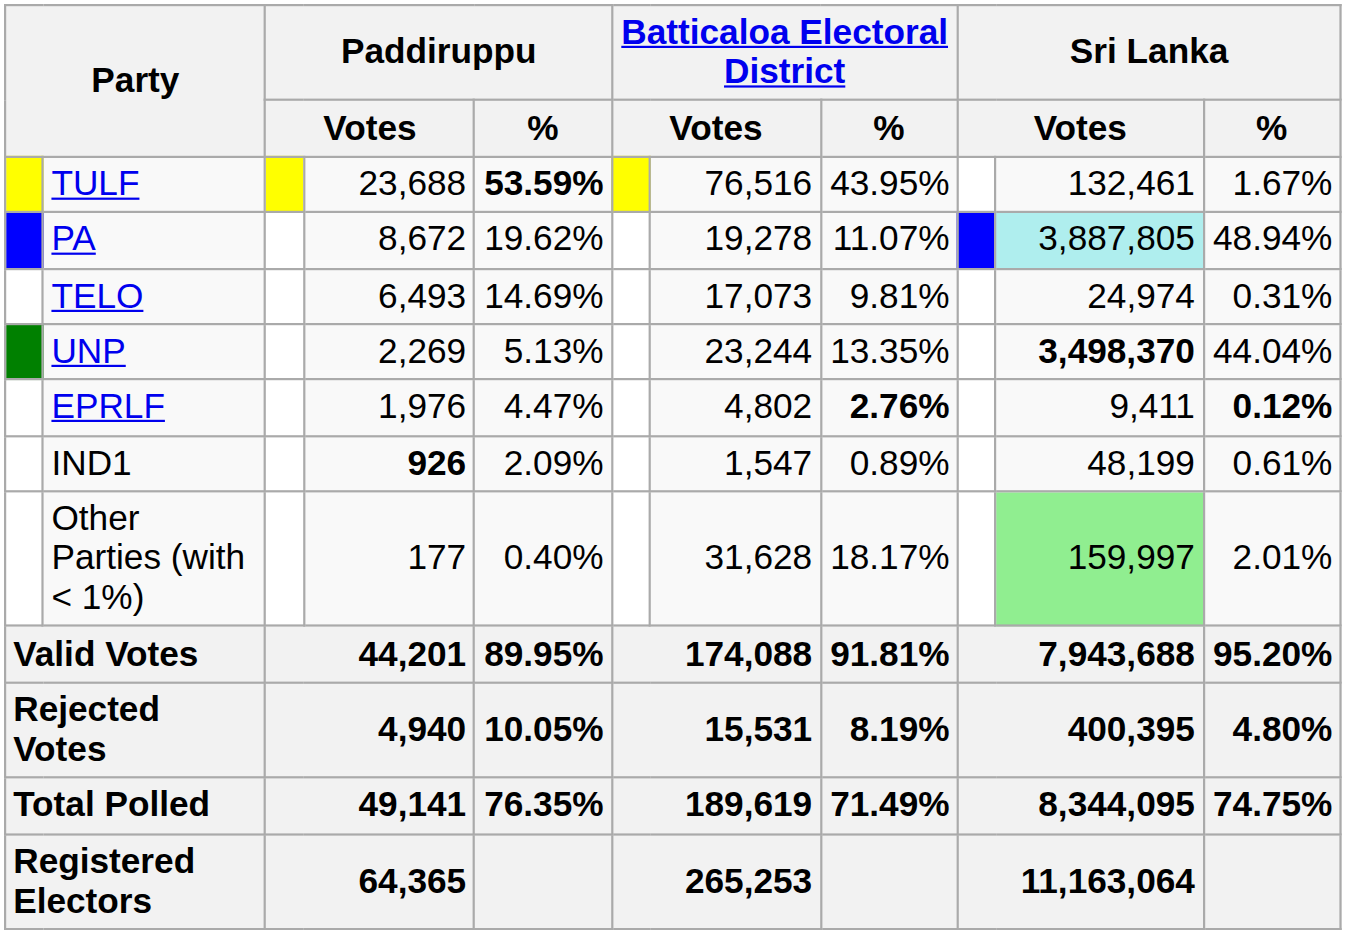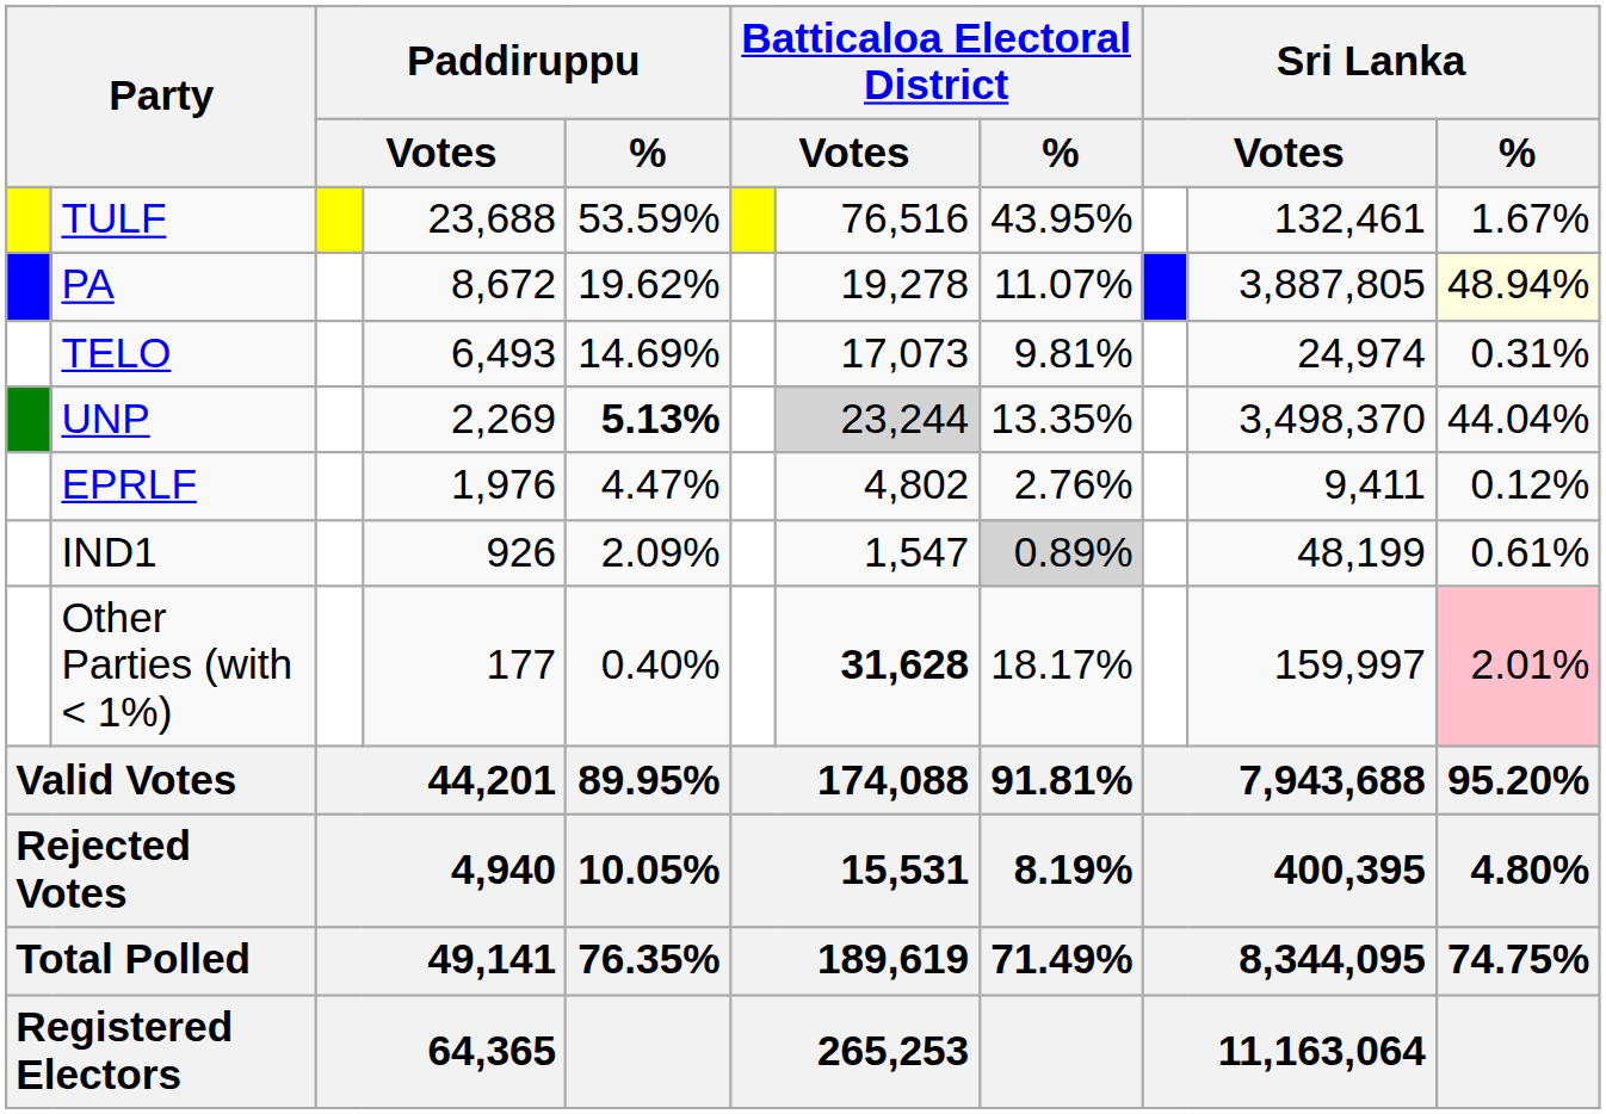 <table class="wikitable">
 <tr>
 <th colspan="2" width="144px"rowspan="2">Party</th>
 <th colspan="3" width="216px">Paddiruppu</th>
 <th colspan="3" width="216px"><a href='#'>Batticaloa Electoral District</a></th>
 <th colspan="3" width="216px">Sri Lanka</th>
 </tr>
 <tr>
 <th colspan="2" width="144px">Votes</th>
 <th>%</th>
 <th colspan="2" width="144px">Votes</th>
 <th>%</th>
 <th colspan="2" width="144px">Votes</th>
 <th>%</th>
 </tr>
 <tr>
 <td style="background-color:yellow;" width="10px"></td>
 <td style="text-align:left;"><a href='#'>TULF</a></td>
 <td style="background-color:yellow;" width="10px"></td>
 <td style="text-align:right;">23,688</td>
-<td style="text-align:right;"><strong>53.59%</strong></td>
+<td style="text-align:right;">53.59%</td>
 <td style="background-color:yellow;" width="10px"></td>
 <td style="text-align:right;">76,516</td>
 <td style="text-align:right;">43.95%</td>
 <td style="background-color:white;" width="10px"></td>
 <td style="text-align:right;">132,461</td>
 <td style="text-align:right;">1.67%</td>
 </tr>
 <tr>
 <td style="background-color:blue;" width="10px"></td>
 <td style="text-align:left;"><a href='#'>PA</a></td>
 <td style="background-color:white;" width="10px"></td>
 <td style="text-align:right;">8,672</td>
 <td style="text-align:right;">19.62%</td>
 <td style="background-color:white;" width="10px"></td>
 <td style="text-align:right;">19,278</td>
 <td style="text-align:right;">11.07%</td>
 <td style="background-color:blue;" width="10px"></td>
-<td style="background: paleturquoise; text-align:right;">3,887,805</td>
-<td style="text-align:right;">48.94%</td>
+<td style="text-align:right;">3,887,805</td>
+<td style="background: lightyellow; text-align:right;">48.94%</td>
 </tr>
 <tr>
 <td style="background-color:white;" width="10px"></td>
 <td style="text-align:left;"><a href='#'>TELO</a></td>
 <td style="background-color:white;" width="10px"></td>
 <td style="text-align:right;">6,493</td>
 <td style="text-align:right;">14.69%</td>
 <td style="background-color:white;" width="10px"></td>
 <td style="text-align:right;">17,073</td>
 <td style="text-align:right;">9.81%</td>
 <td style="background-color:white;" width="10px"></td>
 <td style="text-align:right;">24,974</td>
 <td style="text-align:right;">0.31%</td>
 </tr>
 <tr>
 <td style="background-color:green;" width="10px"></td>
 <td style="text-align:left;"><a href='#'>UNP</a></td>
 <td style="background-color:white;" width="10px"></td>
 <td style="text-align:right;">2,269</td>
-<td style="text-align:right;">5.13%</td>
+<td style="text-align:right;"><strong>5.13%</strong></td>
 <td style="background-color:white;" width="10px"></td>
-<td style="text-align:right;">23,244</td>
+<td style="background: lightgrey; text-align:right;">23,244</td>
 <td style="text-align:right;">13.35%</td>
 <td style="background-color:white;" width="10px"></td>
-<td style="text-align:right;"><strong>3,498,370</strong></td>
+<td style="text-align:right;">3,498,370</td>
 <td style="text-align:right;">44.04%</td>
 </tr>
 <tr>
 <td style="background-color:white;" width="10px"></td>
 <td style="text-align:left;"><a href='#'>EPRLF</a></td>
 <td style="background-color:white;" width="10px"></td>
 <td style="text-align:right;">1,976</td>
 <td style="text-align:right;">4.47%</td>
 <td style="background-color:white;" width="10px"></td>
 <td style="text-align:right;">4,802</td>
-<td style="text-align:right;"><strong>2.76%</strong></td>
+<td style="text-align:right;">2.76%</td>
 <td style="background-color:white;" width="10px"></td>
 <td style="text-align:right;">9,411</td>
-<td style="text-align:right;"><strong>0.12%</strong></td>
+<td style="text-align:right;">0.12%</td>
 </tr>
 <tr>
 <td style="background-color:white;" width="10px"></td>
 <td style="text-align:left;">IND1</td>
 <td style="background-color:white;" width="10px"></td>
-<td style="text-align:right;"><strong>926</strong></td>
+<td style="text-align:right;">926</td>
 <td style="text-align:right;">2.09%</td>
 <td style="background-color:white;" width="10px"></td>
 <td style="text-align:right;">1,547</td>
-<td style="text-align:right;">0.89%</td>
+<td style="background: lightgrey; text-align:right;">0.89%</td>
 <td style="background-color:white;" width="10px"></td>
 <td style="text-align:right;">48,199</td>
 <td style="text-align:right;">0.61%</td>
 </tr>
 <tr>
 <td style="background-color:white;" width="10px"></td>
 <td style="text-align:left;">Other Parties (with < 1%)</td>
 <td style="background-color:white;" width="10px"></td>
 <td style="text-align:right;">177</td>
 <td style="text-align:right;">0.40%</td>
 <td style="background-color:white;" width="10px"></td>
-<td style="text-align:right;">31,628</td>
+<td style="text-align:right;"><strong>31,628</strong></td>
 <td style="text-align:right;">18.17%</td>
 <td style="background-color:white;" width="10px"></td>
-<td style="background: lightgreen; text-align:right;">159,997</td>
-<td style="text-align:right;">2.01%</td>
+<td style="text-align:right;">159,997</td>
+<td style="background: pink; text-align:right;">2.01%</td>
 </tr>
 <tr>
 <th colspan="2" width="144px"style="text-align:left;">Valid Votes</th>
 <th style="text-align:right;"colspan="2" width="144px">44,201</th>
 <th style="text-align:right;">89.95%</th>
 <th style="text-align:right;"colspan="2" width="144px">174,088</th>
 <th style="text-align:right;">91.81%</th>
 <th style="text-align:right;"colspan="2" width="144px">7,943,688</th>
 <th style="text-align:right;">95.20%</th>
 </tr>
 <tr>
 <th colspan="2" width="144px"style="text-align:left;">Rejected Votes</th>
 <th style="text-align:right;"colspan="2" width="144px">4,940</th>
 <th style="text-align:right;">10.05%</th>
 <th style="text-align:right;"colspan="2" width="144px">15,531</th>
 <th style="text-align:right;">8.19%</th>
 <th style="text-align:right;"colspan="2" width="144px">400,395</th>
 <th style="text-align:right;">4.80%</th>
 </tr>
 <tr>
 <th colspan="2" width="144px"style="text-align:left;">Total Polled</th>
 <th style="text-align:right;"colspan="2" width="144px">49,141</th>
 <th style="text-align:right;">76.35%</th>
 <th style="text-align:right;"colspan="2" width="144px">189,619</th>
 <th style="text-align:right;">71.49%</th>
 <th style="text-align:right;"colspan="2" width="144px">8,344,095</th>
 <th style="text-align:right;">74.75%</th>
 </tr>
 <tr>
 <th colspan="2" width="144px"style="text-align:left;">Registered Electors</th>
 <th style="text-align:right;"colspan="2" width="144px">64,365</th>
 <th></th>
 <th style="text-align:right;"colspan="2" width="144px">265,253</th>
 <th></th>
 <th style="text-align:right;"colspan="2" width="144px">11,163,064</th>
 <th></th>
 </tr>
 </table>
